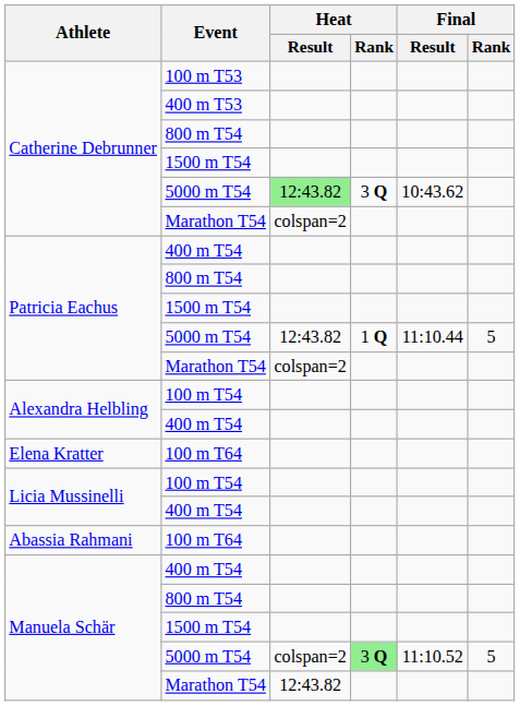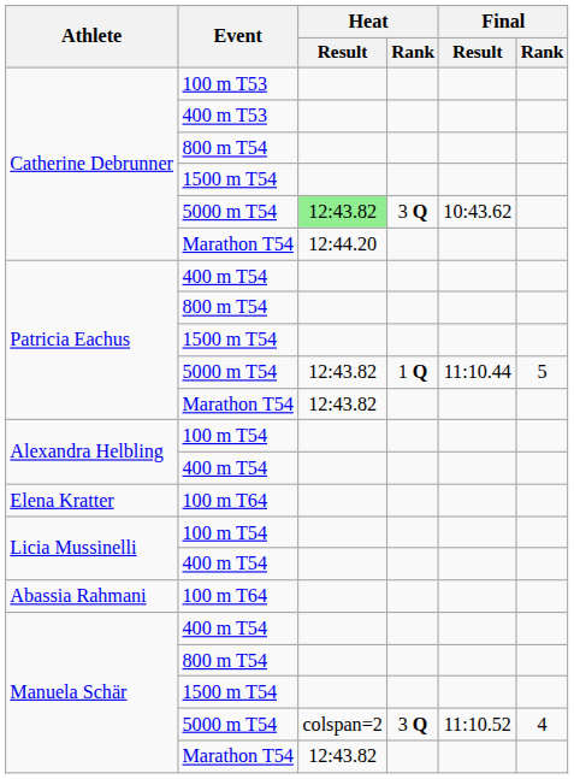 <table class="wikitable" style="font-size:90%">
 <tr>
 <th rowspan="2">Athlete</th>
 <th rowspan="2">Event</th>
 <th colspan="2">Heat</th>
 <th colspan="2">Final</th>
 </tr>
 <tr style="font-size:95%">
 <th>Result</th>
 <th>Rank</th>
 <th>Result</th>
 <th>Rank</th>
 </tr>
 <tr align=center>
 <td align=left rowspan=6><a href='#'>Catherine Debrunner</a></td>
 <td align=left><a href='#'>100 m T53</a></td>
 <td></td>
 <td></td>
 <td></td>
 <td></td>
 </tr>
 <tr align=center>
 <td align=left><a href='#'>400 m T53</a></td>
 <td></td>
 <td></td>
 <td></td>
 <td></td>
 </tr>
 <tr align=center>
 <td align=left><a href='#'>800 m T54</a></td>
 <td></td>
 <td></td>
 <td></td>
 <td></td>
 </tr>
 <tr align=center>
 <td align=left><a href='#'>1500 m T54</a></td>
 <td></td>
 <td></td>
 <td></td>
 <td></td>
 </tr>
 <tr align=center>
 <td align=left><a href='#'>5000 m T54</a></td>
 <td style="background: lightgreen;">12:43.82</td>
 <td>3 <strong>Q</strong></td>
 <td>10:43.62</td>
 <td></td>
 </tr>
 <tr align=center>
 <td align=left><a href='#'>Marathon T54</a></td>
-<td>colspan=2 </td>
+<td>12:44.20</td>
 <td></td>
 <td></td>
 </tr>
 <tr align=center>
 <td align=left rowspan=5><a href='#'>Patricia Eachus</a></td>
 <td align=left><a href='#'>400 m T54</a></td>
 <td></td>
 <td></td>
 <td></td>
 <td></td>
 </tr>
 <tr align=center>
 <td align=left><a href='#'>800 m T54</a></td>
 <td></td>
 <td></td>
 <td></td>
 <td></td>
 </tr>
 <tr align=center>
 <td align=left><a href='#'>1500 m T54</a></td>
 <td></td>
 <td></td>
 <td></td>
 <td></td>
 </tr>
 <tr align=center>
 <td align=left><a href='#'>5000 m T54</a></td>
 <td>12:43.82</td>
 <td>1 <strong>Q</strong></td>
 <td>11:10.44</td>
 <td>5</td>
 </tr>
 <tr align=center>
 <td align=left><a href='#'>Marathon T54</a></td>
-<td>colspan=2 </td>
+<td>12:43.82</td>
 <td></td>
 <td></td>
 </tr>
 <tr align=center>
 <td align=left rowspan=2><a href='#'>Alexandra Helbling</a></td>
 <td align=left><a href='#'>100 m T54</a></td>
 <td></td>
 <td></td>
 <td></td>
 <td></td>
 </tr>
 <tr align=center>
 <td align=left><a href='#'>400 m T54</a></td>
 <td></td>
 <td></td>
 <td></td>
 <td></td>
 </tr>
 <tr align=center>
 <td align=left><a href='#'>Elena Kratter</a></td>
 <td align=left><a href='#'>100 m T64</a></td>
 <td></td>
 <td></td>
 <td></td>
 <td></td>
 </tr>
 <tr align=center>
 <td align=left rowspan=2><a href='#'>Licia Mussinelli</a></td>
 <td align=left><a href='#'>100 m T54</a></td>
 <td></td>
 <td></td>
 <td></td>
 <td></td>
 </tr>
 <tr align=center>
 <td align=left><a href='#'>400 m T54</a></td>
 <td></td>
 <td></td>
 <td></td>
 <td></td>
 </tr>
 <tr align=center>
 <td align=left><a href='#'>Abassia Rahmani</a></td>
 <td align=left><a href='#'>100 m T64</a></td>
 <td></td>
 <td></td>
 <td></td>
 <td></td>
 </tr>
 <tr align=center>
 <td align=left rowspan=5><a href='#'>Manuela Schär</a></td>
 <td align=left><a href='#'>400 m T54</a></td>
 <td></td>
 <td></td>
 <td></td>
 <td></td>
 </tr>
 <tr align=center>
 <td align=left><a href='#'>800 m T54</a></td>
 <td></td>
 <td></td>
 <td></td>
 <td></td>
 </tr>
 <tr align=center>
 <td align=left><a href='#'>1500 m T54</a></td>
 <td></td>
 <td></td>
 <td></td>
 <td></td>
 </tr>
 <tr align=center>
 <td align=left><a href='#'>5000 m T54</a></td>
 <td>colspan=2 </td>
-<td style="background: lightgreen;">3 <strong>Q</strong></td>
+<td>3 <strong>Q</strong></td>
 <td>11:10.52</td>
-<td>5</td>
+<td>4</td>
 </tr>
 <tr align=center>
 <td align=left><a href='#'>Marathon T54</a></td>
 <td>12:43.82</td>
 <td></td>
 <td></td>
 </tr>
 </table>
